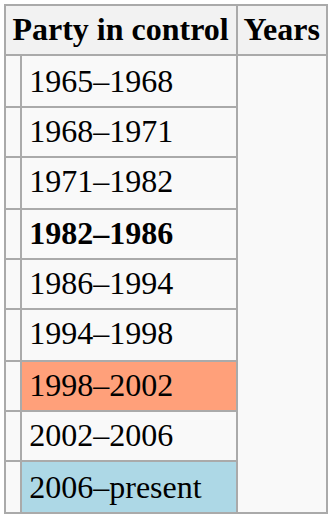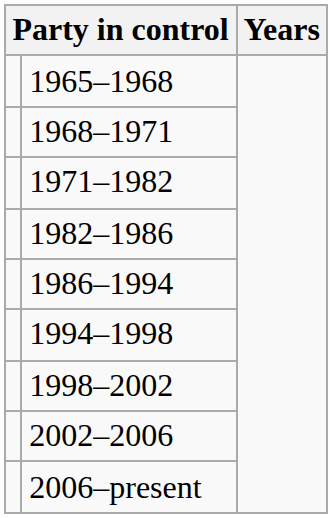 <table class="wikitable">
 <tr>
 <th colspan=2>Party in control</th>
 <th>Years</th>
 </tr>
 <tr>
 <td></td>
 <td>1965–1968</td>
 </tr>
 <tr>
 <td></td>
 <td>1968–1971</td>
 </tr>
 <tr>
 <td></td>
 <td>1971–1982</td>
 </tr>
 <tr>
 <td></td>
-<td><strong>1982–1986</strong></td>
+<td>1982–1986</td>
 </tr>
 <tr>
 <td></td>
 <td>1986–1994</td>
 </tr>
 <tr>
 <td></td>
 <td>1994–1998</td>
 </tr>
 <tr>
 <td></td>
-<td style="background: lightsalmon;">1998–2002</td>
+<td>1998–2002</td>
 </tr>
 <tr>
 <td></td>
 <td>2002–2006</td>
 </tr>
 <tr>
 <td></td>
-<td style="background: lightblue;">2006–present</td>
+<td>2006–present</td>
 </tr>
 </table>
